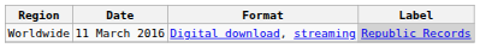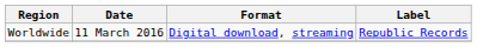 <table class=wikitable>
 <tr>
 <th>Region</th>
 <th>Date</th>
 <th>Format</th>
 <th>Label</th>
 </tr>
 <tr>
 <td>Worldwide</td>
 <td>11 March 2016</td>
 <td><a href='#'>Digital download</a>, <a href='#'>streaming</a></td>
-<td style="background: lightgrey;"><a href='#'>Republic Records</a></td>
+<td><a href='#'>Republic Records</a></td>
 </tr>
 <tr>
 </tr>
 </table>
